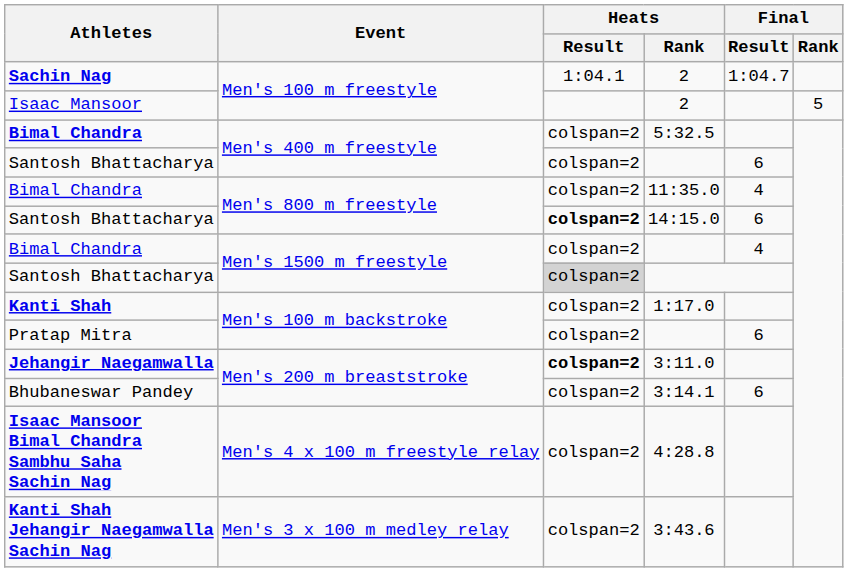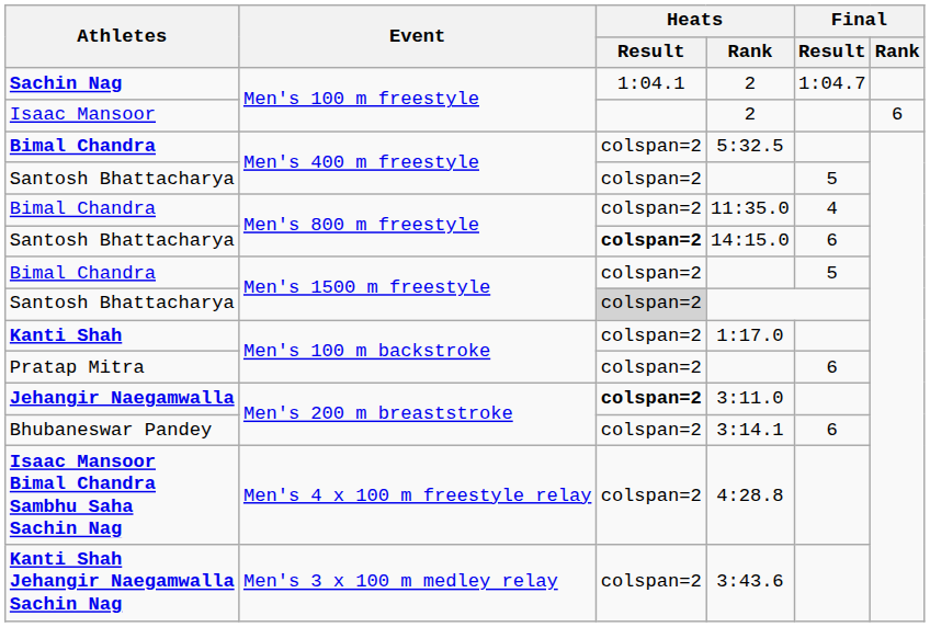 <table class="wikitable" style="text-align:center; font-size:90%">
 <tr>
 <th rowspan=2>Athletes</th>
 <th rowspan=2>Event</th>
 <th colspan=2>Heats</th>
 <th colspan=2>Final</th>
 </tr>
 <tr>
 <th>Result</th>
 <th>Rank</th>
 <th>Result</th>
 <th>Rank</th>
 </tr>
 <tr>
 <td align=left><strong><a href='#'>Sachin Nag</a></strong></td>
 <td align=left rowspan=2><a href='#'>Men's 100 m freestyle</a></td>
 <td>1:04.1</td>
 <td>2 </td>
 <td>1:04.7</td>
 <td></td>
 </tr>
 <tr>
 <td align=left><a href='#'>Isaac Mansoor</a></td>
 <td></td>
 <td>2 </td>
 <td></td>
-<td>5</td>
+<td>6</td>
 </tr>
 <tr>
 <td align=left><strong><a href='#'>Bimal Chandra</a></strong></td>
 <td align=left rowspan=2><a href='#'>Men's 400 m freestyle</a></td>
 <td>colspan=2 </td>
 <td>5:32.5</td>
 <td></td>
 </tr>
 <tr>
 <td align=left>Santosh Bhattacharya</td>
 <td>colspan=2 </td>
 <td></td>
-<td>6</td>
+<td>5</td>
 </tr>
 <tr>
 <td align=left><a href='#'>Bimal Chandra</a></td>
 <td align=left rowspan=2><a href='#'>Men's 800 m freestyle</a></td>
 <td>colspan=2 </td>
 <td>11:35.0</td>
 <td>4</td>
 </tr>
 <tr>
 <td align=left>Santosh Bhattacharya</td>
 <td><strong>colspan=2 </strong></td>
 <td>14:15.0</td>
 <td>6</td>
 </tr>
 <tr>
 <td align=left><a href='#'>Bimal Chandra</a></td>
 <td align=left rowspan=2><a href='#'>Men's 1500 m freestyle</a></td>
 <td>colspan=2 </td>
 <td></td>
-<td>4</td>
+<td>5</td>
 </tr>
 <tr>
 <td align=left>Santosh Bhattacharya</td>
 <td style="background: lightgrey;">colspan=2 </td>
 <td colspan=2></td>
 </tr>
 <tr>
 <td align=left><strong><a href='#'>Kanti Shah</a></strong></td>
 <td align=left rowspan=2><a href='#'>Men's 100 m backstroke</a></td>
 <td>colspan=2 </td>
 <td>1:17.0</td>
 <td></td>
 </tr>
 <tr>
 <td align=left>Pratap Mitra</td>
 <td>colspan=2 </td>
 <td></td>
 <td>6</td>
 </tr>
 <tr>
 <td align=left><strong><a href='#'>Jehangir Naegamwalla</a></strong></td>
 <td align=left rowspan=2><a href='#'>Men's 200 m breaststroke</a></td>
 <td><strong>colspan=2 </strong></td>
 <td>3:11.0</td>
 <td></td>
 </tr>
 <tr>
 <td align=left>Bhubaneswar Pandey</td>
 <td>colspan=2 </td>
 <td>3:14.1</td>
 <td>6</td>
 </tr>
 <tr>
 <td align=left><strong><a href='#'>Isaac Mansoor</a><br><a href='#'>Bimal Chandra</a><br><a href='#'>Sambhu Saha</a><br><a href='#'>Sachin Nag</a></strong></td>
 <td align=left><a href='#'>Men's 4 x 100 m freestyle relay</a></td>
 <td>colspan=2 </td>
 <td>4:28.8</td>
 <td></td>
 </tr>
 <tr>
 <td align=left><strong><a href='#'>Kanti Shah</a><br><a href='#'>Jehangir Naegamwalla</a><br><a href='#'>Sachin Nag</a></strong></td>
 <td align=left><a href='#'>Men's 3 x 100 m medley relay</a></td>
 <td>colspan=2 </td>
 <td>3:43.6</td>
 <td></td>
 </tr>
 </table>
